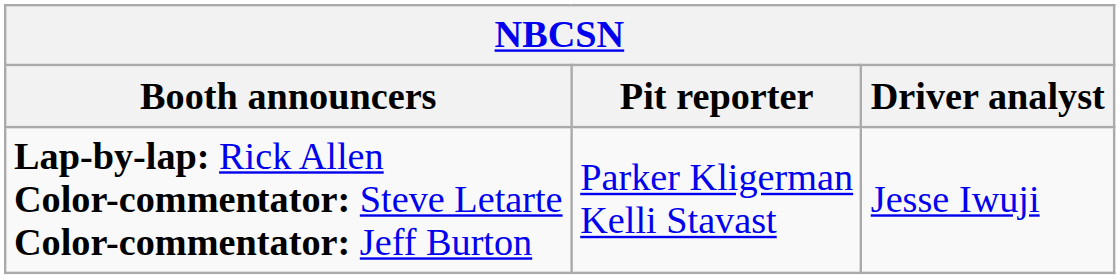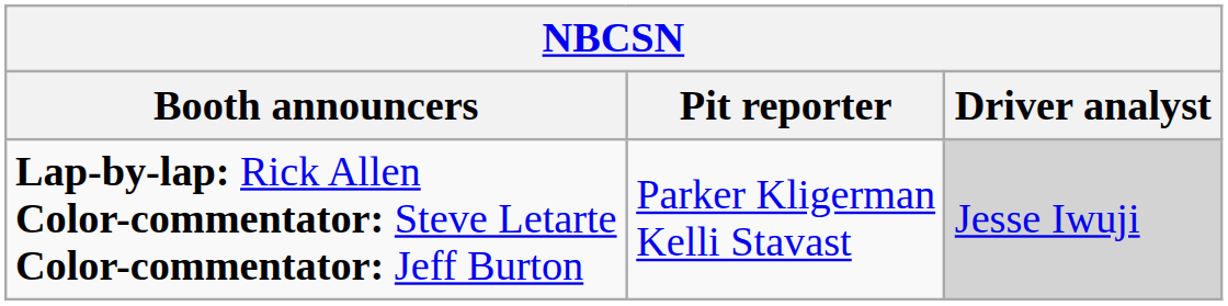 <table class="wikitable">
 <tr>
 <th colspan="3"><a href='#'>NBCSN</a></th>
 </tr>
 <tr>
 <th>Booth announcers</th>
 <th>Pit reporter</th>
 <th>Driver analyst</th>
 </tr>
 <tr>
 <td><strong>Lap-by-lap:</strong> <a href='#'>Rick Allen</a><br><strong>Color-commentator:</strong> <a href='#'>Steve Letarte</a><br><strong>Color-commentator:</strong> <a href='#'>Jeff Burton</a></td>
 <td><a href='#'>Parker Kligerman</a><br><a href='#'>Kelli Stavast</a></td>
-<td><a href='#'>Jesse Iwuji</a></td>
+<td style="background: lightgrey;"><a href='#'>Jesse Iwuji</a></td>
 </tr>
 </table>
